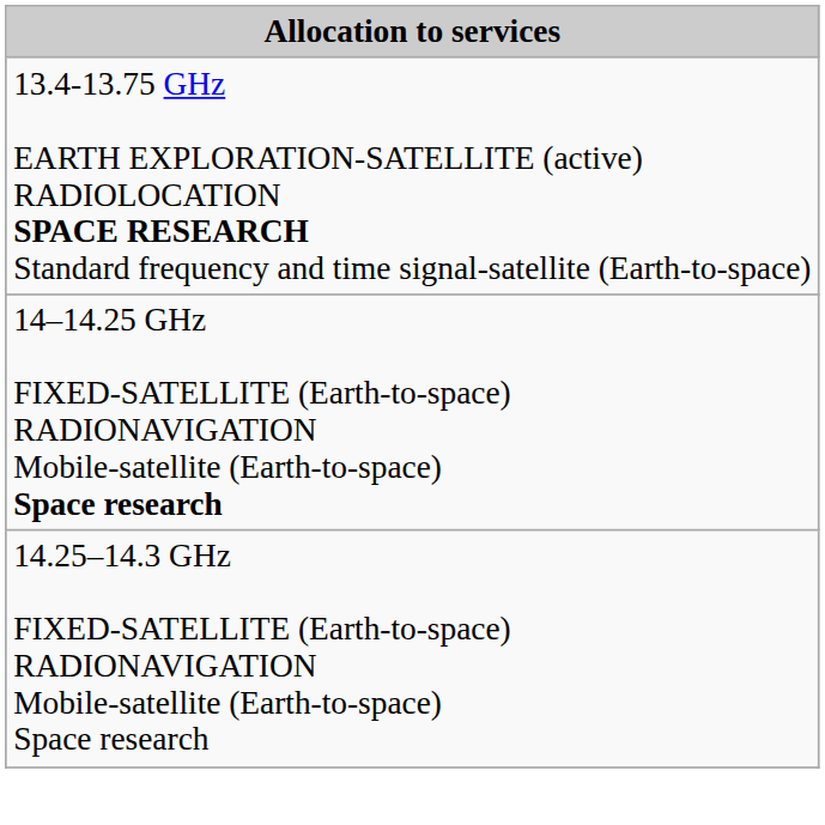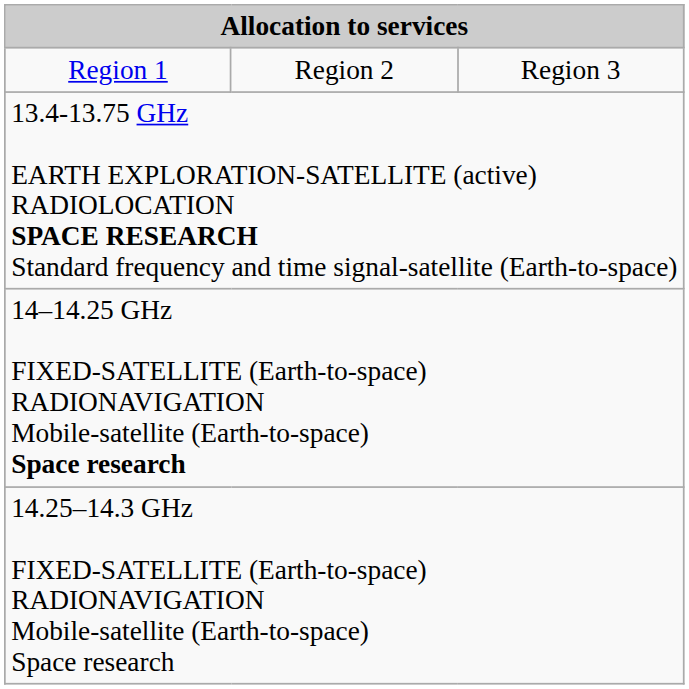 <table class=wikitable>
 <tr bgcolor="#CCCCCC" align="center">
 <td align="center" colspan="3"><strong>Allocation to services</strong></td>
+</tr>
+<tr align="center">
+<td align="center"><a href='#'>Region 1</a></td>
+<td>Region 2</td>
+<td>Region 3</td>
 </tr>
 <tr>
 <td colspan="3">13.4-13.75 <a href='#'>GHz</a><br><br>EARTH EXPLORATION-SATELLITE (active)<br> RADIOLOCATION<br> <strong>SPACE RESEARCH</strong><br> Standard frequency and time signal-satellite (Earth-to-space)</td>
 </tr>
 <tr>
 <td colspan="3">14–14.25 GHz<br><br>FIXED-SATELLITE (Earth-to-space)<br> RADIONAVIGATION <br>Mobile-satellite (Earth-to-space)<br> <strong>Space research</strong></td>
 </tr>
 <tr>
 <td colspan="3">14.25–14.3 GHz<br><br>FIXED-SATELLITE (Earth-to-space)<br> RADIONAVIGATION <br> Mobile-satellite (Earth-to-space)<br> Space research</td>
 </tr>
 </table>
